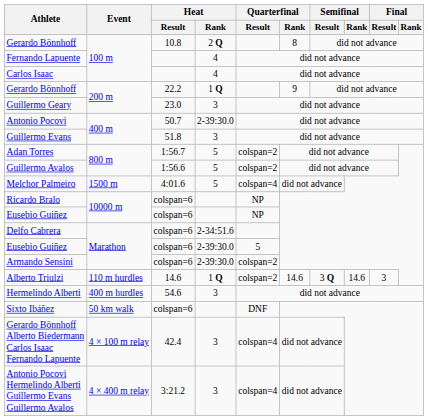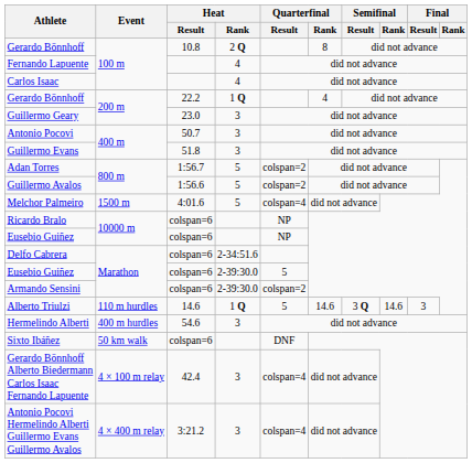 <table class="wikitable" style="font-size:90%">
 <tr>
 <th rowspan=2>Athlete</th>
 <th rowspan=2>Event</th>
 <th colspan=2>Heat</th>
 <th colspan=2>Quarterfinal</th>
 <th colspan=2>Semifinal</th>
 <th colspan=2>Final</th>
 </tr>
 <tr style="font-size:95%">
 <th>Result</th>
 <th>Rank</th>
 <th>Result</th>
 <th>Rank</th>
 <th>Result</th>
 <th>Rank</th>
 <th>Result</th>
 <th>Rank</th>
 </tr>
 <tr align=center>
 <td align=left><a href='#'>Gerardo Bönnhoff</a></td>
 <td align=left rowspan=3><a href='#'>100 m</a></td>
 <td>10.8</td>
 <td>2 <strong>Q</strong></td>
 <td></td>
 <td>8</td>
 <td colspan=4>did not advance</td>
 </tr>
 <tr align=center>
 <td align=left><a href='#'>Fernando Lapuente</a></td>
 <td></td>
 <td>4</td>
 <td colspan=6>did not advance</td>
 </tr>
 <tr align=center>
 <td align=left><a href='#'>Carlos Isaac</a></td>
 <td></td>
 <td>4</td>
 <td colspan=6>did not advance</td>
 </tr>
 <tr align=center>
 <td align=left><a href='#'>Gerardo Bönnhoff</a></td>
 <td align=left rowspan=2><a href='#'>200 m</a></td>
 <td>22.2</td>
 <td>1 <strong>Q</strong></td>
 <td></td>
-<td>9</td>
+<td>4</td>
 <td colspan=4>did not advance</td>
 </tr>
 <tr align=center>
 <td align=left><a href='#'>Guillermo Geary</a></td>
 <td>23.0</td>
 <td>3</td>
 <td colspan=6>did not advance</td>
 </tr>
 <tr align=center>
 <td align=left><a href='#'>Antonio Pocovi</a></td>
 <td align=left rowspan=2><a href='#'>400 m</a></td>
 <td>50.7</td>
-<td>2-39:30.0</td>
+<td>3</td>
 <td colspan=6>did not advance</td>
 </tr>
 <tr align=center>
 <td align=left><a href='#'>Guillermo Evans</a></td>
 <td>51.8</td>
 <td>3</td>
 <td colspan=6>did not advance</td>
 </tr>
 <tr align=center>
 <td align=left><a href='#'>Adan Torres</a></td>
 <td align=left rowspan=2><a href='#'>800 m</a></td>
 <td>1:56.7</td>
 <td>5</td>
 <td>colspan=2 </td>
 <td colspan=4>did not advance</td>
 </tr>
 <tr align=center>
 <td align=left><a href='#'>Guillermo Avalos</a></td>
 <td>1:56.6</td>
 <td>5</td>
 <td>colspan=2 </td>
 <td colspan=4>did not advance</td>
 </tr>
 <tr align=center>
 <td align=left><a href='#'>Melchor Palmeiro</a></td>
 <td align=left><a href='#'>1500 m</a></td>
 <td>4:01.6</td>
 <td>5</td>
 <td>colspan=4 </td>
 <td colspan=2>did not advance</td>
 </tr>
 <tr align=center>
 <td align=left><a href='#'>Ricardo Bralo</a></td>
 <td align=left rowspan=2><a href='#'>10000 m</a></td>
 <td>colspan=6 </td>
 <td></td>
 <td>NP</td>
 </tr>
 <tr align=center>
 <td align=left><a href='#'>Eusebio Guiñez</a></td>
 <td>colspan=6 </td>
 <td></td>
 <td>NP</td>
 </tr>
 <tr align=center>
 <td align=left><a href='#'>Delfo Cabrera</a></td>
 <td align=left rowspan=3><a href='#'>Marathon</a></td>
 <td>colspan=6 </td>
 <td>2-34:51.6</td>
 <td></td>
 </tr>
 <tr align=center>
 <td align=left><a href='#'>Eusebio Guiñez</a></td>
 <td>colspan=6 </td>
 <td>2-39:30.0</td>
 <td>5</td>
 </tr>
 <tr align=center>
 <td align=left><a href='#'>Armando Sensini</a></td>
 <td>colspan=6 </td>
 <td>2-39:30.0</td>
 <td>colspan=2 </td>
 </tr>
 <tr align=center>
 <td align=left><a href='#'>Alberto Triulzi</a></td>
 <td align=left><a href='#'>110 m hurdles</a></td>
 <td>14.6</td>
 <td>1 <strong>Q</strong></td>
-<td>colspan=2 </td>
+<td>5</td>
 <td>14.6</td>
 <td>3 <strong>Q</strong></td>
 <td>14.6</td>
 <td>3</td>
 </tr>
 <tr align=center>
 <td align=left><a href='#'>Hermelindo Alberti</a></td>
 <td align=left><a href='#'>400 m hurdles</a></td>
 <td>54.6</td>
 <td>3</td>
 <td colspan=6>did not advance</td>
 </tr>
 <tr align=center>
 <td align=left><a href='#'>Sixto Ibáñez</a></td>
 <td align=left><a href='#'>50 km walk</a></td>
 <td>colspan=6 </td>
 <td></td>
 <td>DNF</td>
 </tr>
 <tr align=center>
 <td align=left><a href='#'>Gerardo Bönnhoff</a><br><a href='#'>Alberto Biedermann</a><br><a href='#'>Carlos Isaac</a><br><a href='#'>Fernando Lapuente</a></td>
 <td align=left><a href='#'>4 × 100 m relay</a></td>
 <td>42.4</td>
 <td>3</td>
 <td>colspan=4 </td>
 <td colspan=2>did not advance</td>
 </tr>
 <tr align=center>
 <td align=left><a href='#'>Antonio Pocovi</a><br><a href='#'>Hermelindo Alberti</a><br><a href='#'>Guillermo Evans</a><br><a href='#'>Guillermo Avalos</a></td>
 <td align=left><a href='#'>4 × 400 m relay</a></td>
 <td>3:21.2</td>
 <td>3</td>
 <td>colspan=4 </td>
 <td colspan=2>did not advance</td>
 </tr>
 </table>
